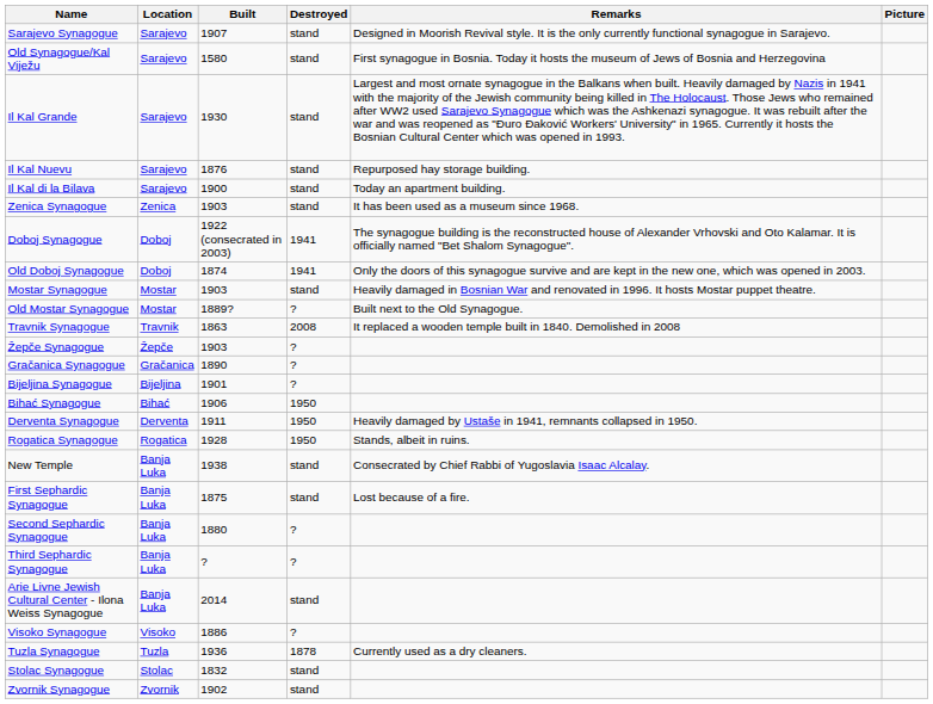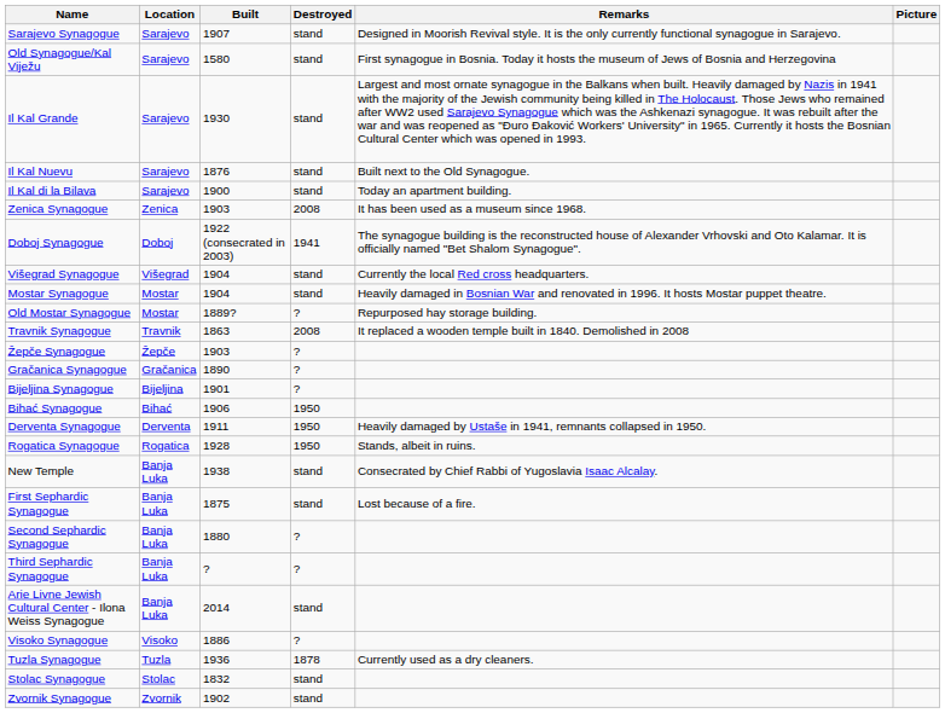 <table class="wikitable sortable">
 <tr>
 <th>Name</th>
 <th>Location</th>
 <th>Built</th>
 <th>Destroyed</th>
 <th>Remarks</th>
 <th>Picture</th>
 </tr>
 <tr>
 <td><a href='#'>Sarajevo Synagogue</a></td>
 <td><a href='#'>Sarajevo</a></td>
 <td>1907</td>
 <td>stand</td>
 <td>Designed in Moorish Revival style. It is the only currently functional synagogue in Sarajevo.</td>
 <td></td>
 </tr>
 <tr>
 <td><a href='#'>Old Synagogue/Kal Viježu</a></td>
 <td><a href='#'>Sarajevo</a></td>
 <td>1580</td>
 <td>stand</td>
 <td>First synagogue in Bosnia. Today it hosts the museum of Jews of Bosnia and Herzegovina</td>
 <td></td>
 </tr>
 <tr>
 <td><a href='#'>Il Kal Grande</a></td>
 <td><a href='#'>Sarajevo</a></td>
 <td>1930</td>
 <td>stand</td>
 <td>Largest and most ornate synagogue in the Balkans when built. Heavily damaged by <a href='#'>Nazis</a> in 1941 with the majority of the Jewish community being killed in <a href='#'>The Holocaust</a>. Those Jews who remained after WW2 used <a href='#'>Sarajevo Synagogue</a> which was the Ashkenazi synagogue. It was rebuilt after the war and was reopened as "Đuro Đaković Workers' University" in 1965. Currently it hosts the Bosnian Cultural Center which was opened in 1993.<br><br></td>
 <td></td>
 </tr>
 <tr>
 <td><a href='#'>Il Kal Nuevu</a></td>
 <td><a href='#'>Sarajevo</a></td>
 <td>1876</td>
 <td>stand</td>
-<td>Repurposed hay storage building.</td>
+<td>Built next to the Old Synagogue.</td>
 <td></td>
 </tr>
 <tr>
 <td><a href='#'>Il Kal di la Bilava</a></td>
 <td><a href='#'>Sarajevo</a></td>
 <td>1900</td>
 <td>stand</td>
 <td>Today an apartment building.</td>
 <td></td>
 </tr>
 <tr>
 <td><a href='#'>Zenica Synagogue</a></td>
 <td><a href='#'>Zenica</a></td>
 <td>1903</td>
-<td>stand</td>
+<td>2008</td>
 <td>It has been used as a museum since 1968.<br> </td>
 <td></td>
 </tr>
 <tr>
 <td><a href='#'>Doboj Synagogue</a></td>
 <td><a href='#'>Doboj</a></td>
 <td>1922 (consecrated in 2003)</td>
 <td>1941</td>
 <td>The synagogue building is the reconstructed house of Alexander Vrhovski and Oto Kalamar. It is officially named "Bet Shalom Synagogue".</td>
 <td></td>
 </tr>
 <tr>
-<td><a href='#'>Old Doboj Synagogue</a></td>
-<td><a href='#'>Doboj</a></td>
-<td>1874</td>
-<td>1941</td>
-<td>Only the doors of this synagogue survive and are kept in the new one, which was opened in 2003.</td>
+<td><a href='#'>Višegrad Synagogue</a></td>
+<td><a href='#'>Višegrad</a></td>
+<td>1904</td>
+<td>stand</td>
+<td>Currently the local <a href='#'>Red cross</a> headquarters.</td>
 <td></td>
 </tr>
 <tr>
 <td><a href='#'>Mostar Synagogue</a></td>
 <td><a href='#'>Mostar</a></td>
-<td>1903</td>
+<td>1904</td>
 <td>stand</td>
 <td>Heavily damaged in <a href='#'>Bosnian War</a> and renovated in 1996. It hosts Mostar puppet theatre.</td>
 <td></td>
 </tr>
 <tr>
 <td><a href='#'>Old Mostar Synagogue</a></td>
 <td><a href='#'>Mostar</a></td>
 <td>1889?</td>
 <td>?</td>
-<td>Built next to the Old Synagogue.</td>
+<td>Repurposed hay storage building.</td>
 <td></td>
 </tr>
 <tr>
 <td><a href='#'>Travnik Synagogue</a></td>
 <td><a href='#'>Travnik</a></td>
 <td>1863</td>
 <td>2008</td>
 <td>It replaced a wooden temple built in 1840. Demolished in 2008</td>
 <td></td>
 </tr>
 <tr>
 <td><a href='#'>Žepče Synagogue</a></td>
 <td><a href='#'>Žepče</a></td>
 <td>1903</td>
 <td>?</td>
 <td></td>
 <td></td>
 </tr>
 <tr>
 <td><a href='#'>Gračanica Synagogue</a></td>
 <td><a href='#'>Gračanica</a></td>
 <td>1890</td>
 <td>?</td>
 <td></td>
 <td></td>
 </tr>
 <tr>
 <td><a href='#'>Bijeljina Synagogue</a></td>
 <td><a href='#'>Bijeljina</a></td>
 <td>1901</td>
 <td>?</td>
 <td></td>
 <td></td>
 </tr>
 <tr>
 <td><a href='#'>Bihać Synagogue</a></td>
 <td><a href='#'>Bihać</a></td>
 <td>1906</td>
 <td>1950</td>
 <td></td>
 <td></td>
 </tr>
 <tr>
 <td><a href='#'>Derventa Synagogue</a></td>
 <td><a href='#'>Derventa</a></td>
 <td>1911</td>
 <td>1950</td>
 <td>Heavily damaged by <a href='#'>Ustaše</a> in 1941, remnants collapsed in 1950.</td>
 <td></td>
 </tr>
 <tr>
 <td><a href='#'>Rogatica Synagogue</a></td>
 <td><a href='#'>Rogatica</a></td>
 <td>1928</td>
 <td>1950</td>
 <td>Stands, albeit in ruins.</td>
 <td></td>
 </tr>
 <tr>
 <td>New Temple</td>
 <td><a href='#'>Banja Luka</a></td>
 <td>1938</td>
 <td>stand</td>
 <td>Consecrated by Chief Rabbi of Yugoslavia <a href='#'>Isaac Alcalay</a>. <br></td>
 <td></td>
 </tr>
 <tr>
 <td><a href='#'>First Sephardic Synagogue</a></td>
 <td><a href='#'>Banja Luka</a></td>
 <td>1875</td>
 <td>stand</td>
 <td>Lost because of a fire.</td>
 <td></td>
 </tr>
 <tr>
 <td><a href='#'>Second Sephardic Synagogue</a></td>
 <td><a href='#'>Banja Luka</a></td>
 <td>1880</td>
 <td>?</td>
 <td></td>
 <td></td>
 </tr>
 <tr>
 <td><a href='#'>Third Sephardic Synagogue</a></td>
 <td><a href='#'>Banja Luka</a></td>
 <td>?</td>
 <td>?</td>
 <td></td>
 <td></td>
 </tr>
 <tr>
 <td><a href='#'>Arie Livne Jewish Cultural Center</a> - Ilona Weiss Synagogue</td>
 <td><a href='#'>Banja Luka</a></td>
 <td>2014</td>
 <td>stand</td>
 <td></td>
 <td></td>
 </tr>
 <tr>
 <td><a href='#'>Visoko Synagogue</a></td>
 <td><a href='#'>Visoko</a></td>
 <td>1886</td>
 <td>?</td>
 <td></td>
 <td></td>
 </tr>
 <tr>
 <td><a href='#'>Tuzla Synagogue</a></td>
 <td><a href='#'>Tuzla</a></td>
 <td>1936</td>
 <td>1878</td>
 <td>Currently used as a dry cleaners.</td>
 <td></td>
 </tr>
 <tr>
 <td><a href='#'>Stolac Synagogue</a></td>
 <td><a href='#'>Stolac</a></td>
 <td>1832</td>
 <td>stand</td>
 <td></td>
 <td></td>
 </tr>
 <tr>
 <td><a href='#'>Zvornik Synagogue</a></td>
 <td><a href='#'>Zvornik</a></td>
 <td>1902</td>
 <td>stand</td>
 <td></td>
 <td></td>
 </tr>
 </table>
